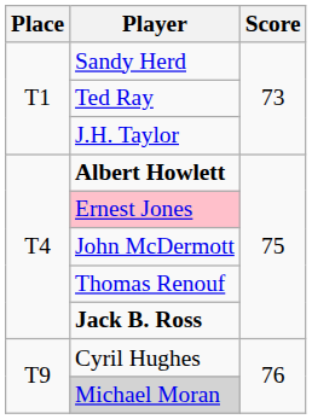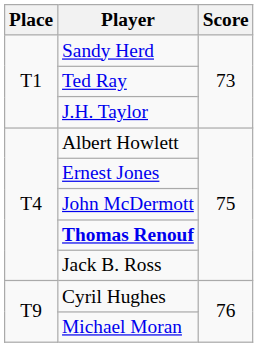 <table class=wikitable>
 <tr>
 <th>Place</th>
 <th>Player</th>
 <th>Score</th>
 </tr>
 <tr>
 <td rowspan=3 align=center>T1</td>
 <td> <a href='#'>Sandy Herd</a></td>
 <td rowspan=3 align=center>73</td>
 </tr>
 <tr>
 <td> <a href='#'>Ted Ray</a></td>
 </tr>
 <tr>
 <td> <a href='#'>J.H. Taylor</a></td>
 </tr>
 <tr>
 <td rowspan=5 align=center>T4</td>
-<td><strong> Albert Howlett</strong></td>
+<td> Albert Howlett</td>
 <td rowspan=5 align=center>75</td>
 </tr>
 <tr>
-<td style="background: pink;"> <a href='#'>Ernest Jones</a></td>
+<td> <a href='#'>Ernest Jones</a></td>
 </tr>
 <tr>
 <td> <a href='#'>John McDermott</a></td>
 </tr>
 <tr>
-<td> <a href='#'>Thomas Renouf</a></td>
+<td><strong> <a href='#'>Thomas Renouf</a></strong></td>
 </tr>
 <tr>
-<td><strong> Jack B. Ross  </strong></td>
+<td> Jack B. Ross  </td>
 </tr>
 <tr>
 <td rowspan=2 align=center>T9</td>
 <td> Cyril Hughes</td>
 <td rowspan=2 align=center>76</td>
 </tr>
 <tr>
-<td style="background: lightgrey;"> <a href='#'>Michael Moran</a></td>
+<td> <a href='#'>Michael Moran</a></td>
 </tr>
 </table>
